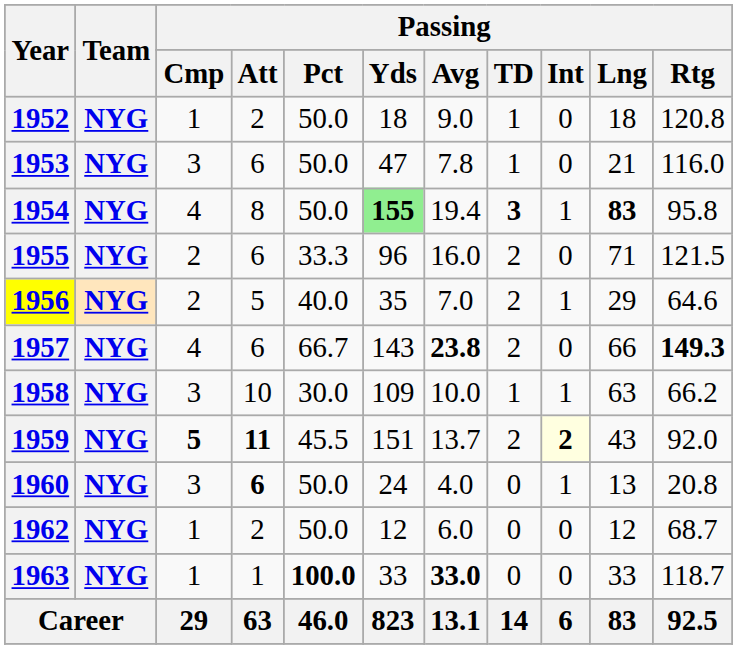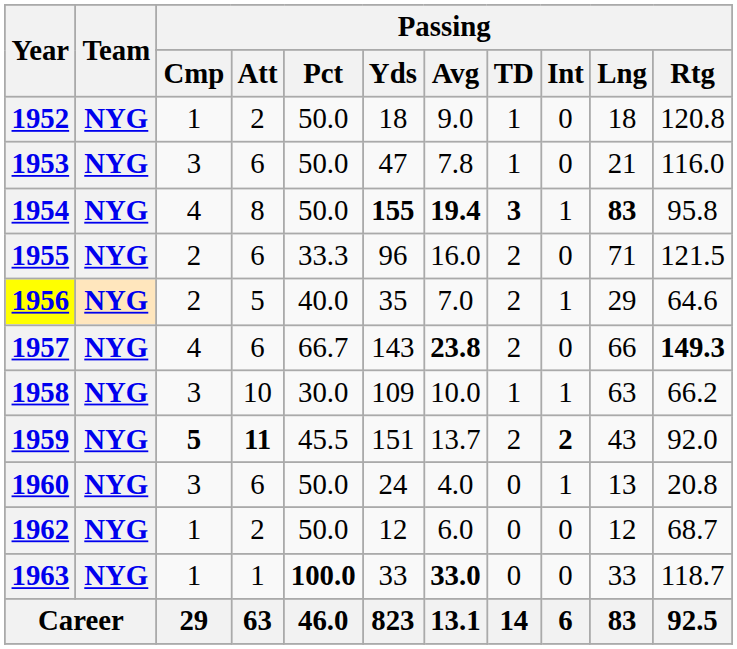 <table class="wikitable" style="text-align:center">
 <tr>
 <th rowspan="2">Year</th>
 <th rowspan="2">Team</th>
 <th colspan="9">Passing</th>
 </tr>
 <tr>
 <th>Cmp</th>
 <th>Att</th>
 <th>Pct</th>
 <th>Yds</th>
 <th>Avg</th>
 <th>TD</th>
 <th>Int</th>
 <th>Lng</th>
 <th>Rtg</th>
 </tr>
 <tr>
 <th><a href='#'>1952</a></th>
 <th><a href='#'>NYG</a></th>
 <td>1</td>
 <td>2</td>
 <td>50.0</td>
 <td>18</td>
 <td>9.0</td>
 <td>1</td>
 <td>0</td>
 <td>18</td>
 <td>120.8</td>
 </tr>
 <tr>
 <th><a href='#'>1953</a></th>
 <th><a href='#'>NYG</a></th>
 <td>3</td>
 <td>6</td>
 <td>50.0</td>
 <td>47</td>
 <td>7.8</td>
 <td>1</td>
 <td>0</td>
 <td>21</td>
 <td>116.0</td>
 </tr>
 <tr>
 <th><a href='#'>1954</a></th>
 <th><a href='#'>NYG</a></th>
 <td>4</td>
 <td>8</td>
 <td>50.0</td>
-<td style="background: lightgreen;"><strong>155</strong></td>
-<td>19.4</td>
+<td><strong>155</strong></td>
+<td><strong>19.4</strong></td>
 <td><strong>3</strong></td>
 <td>1</td>
 <td><strong>83</strong></td>
 <td>95.8</td>
 </tr>
 <tr>
 <th><a href='#'>1955</a></th>
 <th><a href='#'>NYG</a></th>
 <td>2</td>
 <td>6</td>
 <td>33.3</td>
 <td>96</td>
 <td>16.0</td>
 <td>2</td>
 <td>0</td>
 <td>71</td>
 <td>121.5</td>
 </tr>
 <tr>
 <th style="background:#ffff00;"><a href='#'>1956</a></th>
 <th style="background:#ffe6bd;"><a href='#'>NYG</a></th>
 <td>2</td>
 <td>5</td>
 <td>40.0</td>
 <td>35</td>
 <td>7.0</td>
 <td>2</td>
 <td>1</td>
 <td>29</td>
 <td>64.6</td>
 </tr>
 <tr>
 <th><a href='#'>1957</a></th>
 <th><a href='#'>NYG</a></th>
 <td>4</td>
 <td>6</td>
 <td>66.7</td>
 <td>143</td>
 <td><strong>23.8</strong></td>
 <td>2</td>
 <td>0</td>
 <td>66</td>
 <td><strong>149.3</strong></td>
 </tr>
 <tr>
 <th><a href='#'>1958</a></th>
 <th><a href='#'>NYG</a></th>
 <td>3</td>
 <td>10</td>
 <td>30.0</td>
 <td>109</td>
 <td>10.0</td>
 <td>1</td>
 <td>1</td>
 <td>63</td>
 <td>66.2</td>
 </tr>
 <tr>
 <th><a href='#'>1959</a></th>
 <th><a href='#'>NYG</a></th>
 <td><strong>5</strong></td>
 <td><strong>11</strong></td>
 <td>45.5</td>
 <td>151</td>
 <td>13.7</td>
 <td>2</td>
-<td style="background: lightyellow;"><strong>2</strong></td>
+<td><strong>2</strong></td>
 <td>43</td>
 <td>92.0</td>
 </tr>
 <tr>
 <th><a href='#'>1960</a></th>
 <th><a href='#'>NYG</a></th>
 <td>3</td>
-<td><strong>6</strong></td>
+<td>6</td>
 <td>50.0</td>
 <td>24</td>
 <td>4.0</td>
 <td>0</td>
 <td>1</td>
 <td>13</td>
 <td>20.8</td>
 </tr>
 <tr>
 <th><a href='#'>1962</a></th>
 <th><a href='#'>NYG</a></th>
 <td>1</td>
 <td>2</td>
 <td>50.0</td>
 <td>12</td>
 <td>6.0</td>
 <td>0</td>
 <td>0</td>
 <td>12</td>
 <td>68.7</td>
 </tr>
 <tr>
 <th><a href='#'>1963</a></th>
 <th><a href='#'>NYG</a></th>
 <td>1</td>
 <td>1</td>
 <td><strong>100.0</strong></td>
 <td>33</td>
 <td><strong>33.0</strong></td>
 <td>0</td>
 <td>0</td>
 <td>33</td>
 <td>118.7</td>
 </tr>
 <tr>
 <th colspan="2">Career</th>
 <th>29</th>
 <th>63</th>
 <th>46.0</th>
 <th>823</th>
 <th>13.1</th>
 <th>14</th>
 <th>6</th>
 <th>83</th>
 <th>92.5</th>
 </tr>
 </table>
